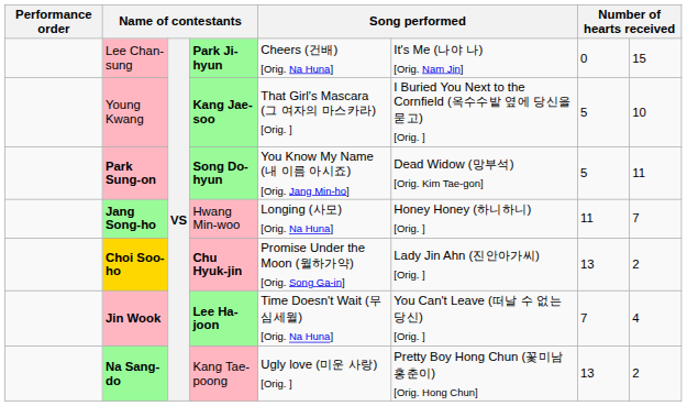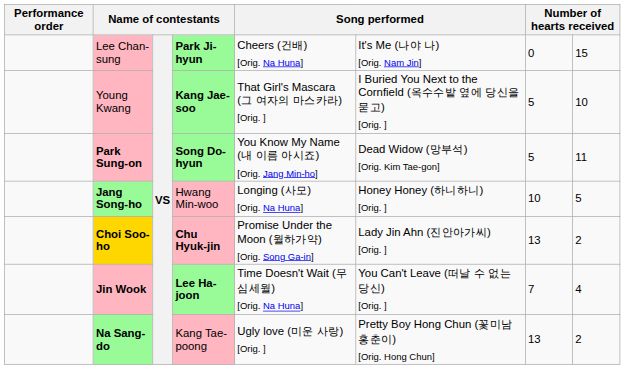 <table class=wikitable>
 <tr>
 <th>Performance order</th>
 <th colspan=3>Name of contestants</th>
 <th colspan=2>Song performed</th>
 <th colspan=2>Number of hearts received</th>
 </tr>
 <tr>
 <td></td>
 <td bgcolor=lightpink>Lee Chan-sung</td>
 <th rowspan=7>VS</th>
 <td bgcolor=palegreen><strong>Park Ji-hyun</strong></td>
 <td>Cheers (건배)<br><sub>[Orig. <a href='#'>Na Huna</a>]</sub></td>
 <td>It's Me (나야 나)<br><sub>[Orig. <a href='#'>Nam Jin</a>]</sub></td>
 <td>0</td>
 <td>15</td>
 </tr>
 <tr>
 <td></td>
 <td bgcolor=lightpink>Young Kwang</td>
 <td bgcolor=palegreen><strong>Kang Jae-soo</strong></td>
 <td>That Girl's Mascara (그 여자의 마스카라)<br><sub>[Orig. ]</sub></td>
 <td>I Buried You Next to the Cornfield (옥수수밭 옆에 당신을 묻고)<br><sub>[Orig. ]</sub></td>
 <td>5</td>
 <td>10</td>
 </tr>
 <tr>
 <td></td>
 <td bgcolor=lightpink><strong>Park Sung-on</strong></td>
 <td bgcolor=palegreen><strong>Song Do-hyun</strong></td>
 <td>You Know My Name (내 이름 아시죠)<br><sub>[Orig. <a href='#'>Jang Min-ho</a>]</sub></td>
 <td>Dead Widow (망부석)<br><sub>[Orig. Kim Tae-gon]</sub></td>
 <td>5</td>
 <td>11</td>
 </tr>
 <tr>
 <td></td>
 <td bgcolor=palegreen><strong>Jang Song-ho</strong></td>
 <td bgcolor=lightpink>Hwang Min-woo</td>
 <td>Longing (사모)<br><sub>[Orig. <a href='#'>Na Huna</a>]</sub></td>
 <td>Honey Honey (하니하니)<br><sub>[Orig. ]</sub></td>
-<td>11</td>
-<td>7</td>
+<td>10</td>
+<td>5</td>
 </tr>
 <tr>
 <td></td>
 <td style="background: gold; color: black;"><strong>Choi Soo-ho</strong></td>
 <td bgcolor=lightpink><strong>Chu Hyuk-jin</strong></td>
 <td>Promise Under the Moon (월하가약)<br><sub>[Orig. <a href='#'>Song Ga-in</a>]</sub></td>
 <td>Lady Jin Ahn (진안아가씨)<br><sub>[Orig. ]</sub></td>
 <td>13</td>
 <td>2</td>
 </tr>
 <tr>
 <td></td>
 <td bgcolor=lightpink><strong>Jin Wook</strong></td>
 <td bgcolor=palegreen><strong>Lee Ha-joon</strong></td>
 <td>Time Doesn't Wait (무심세월)<br><sub>[Orig. <a href='#'>Na Huna</a>]</sub></td>
 <td>You Can't Leave (떠날 수 없는 당신)<br><sub>[Orig. ]</sub></td>
 <td>7</td>
 <td>4</td>
 </tr>
 <tr>
 <td></td>
 <td bgcolor=palegreen><strong>Na Sang-do</strong></td>
 <td bgcolor=lightpink>Kang Tae-poong</td>
 <td>Ugly love (미운 사랑)<br><sub>[Orig. ]</sub></td>
 <td>Pretty Boy Hong Chun (꽃미남 홍춘이)<br><sub>[Orig. Hong Chun]</sub></td>
 <td>13</td>
 <td>2</td>
 </tr>
 </table>
